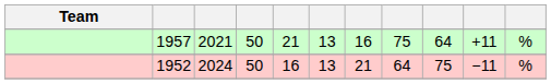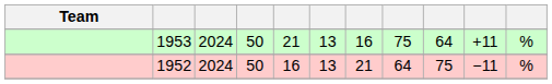 <table class="wikitable" style="text-align:center; margin:0.5em auto;">
 <tr>
 <th style="width:145px;">Team</th>
 <th width=30></th>
 <th width=30></th>
 <th width=30></th>
 <th width=30></th>
 <th width=30></th>
 <th width=30></th>
 <th width=35></th>
 <th width=35></th>
 <th width=35></th>
 <th width=35></th>
 </tr>
 <tr>
 </tr>
 <tr>
 </tr>
 <tr bgcolor=CCFFCC>
 <td style="text-align:left;"></td>
-<td>1957</td>
-<td>2021</td>
+<td>1953</td>
+<td>2024</td>
 <td>50</td>
 <td>21</td>
 <td>13</td>
 <td>16</td>
 <td>75</td>
 <td>64</td>
 <td>+11</td>
 <td>%</td>
 </tr>
 <tr>
 </tr>
 <tr>
 </tr>
 <tr bgcolor=FFCCCC>
 <td style="text-align:left;"></td>
 <td>1952</td>
 <td>2024</td>
 <td>50</td>
 <td>16</td>
 <td>13</td>
 <td>21</td>
 <td>64</td>
 <td>75</td>
 <td>−11</td>
 <td>%</td>
 </tr>
 <tr>
 </tr>
 </table>
